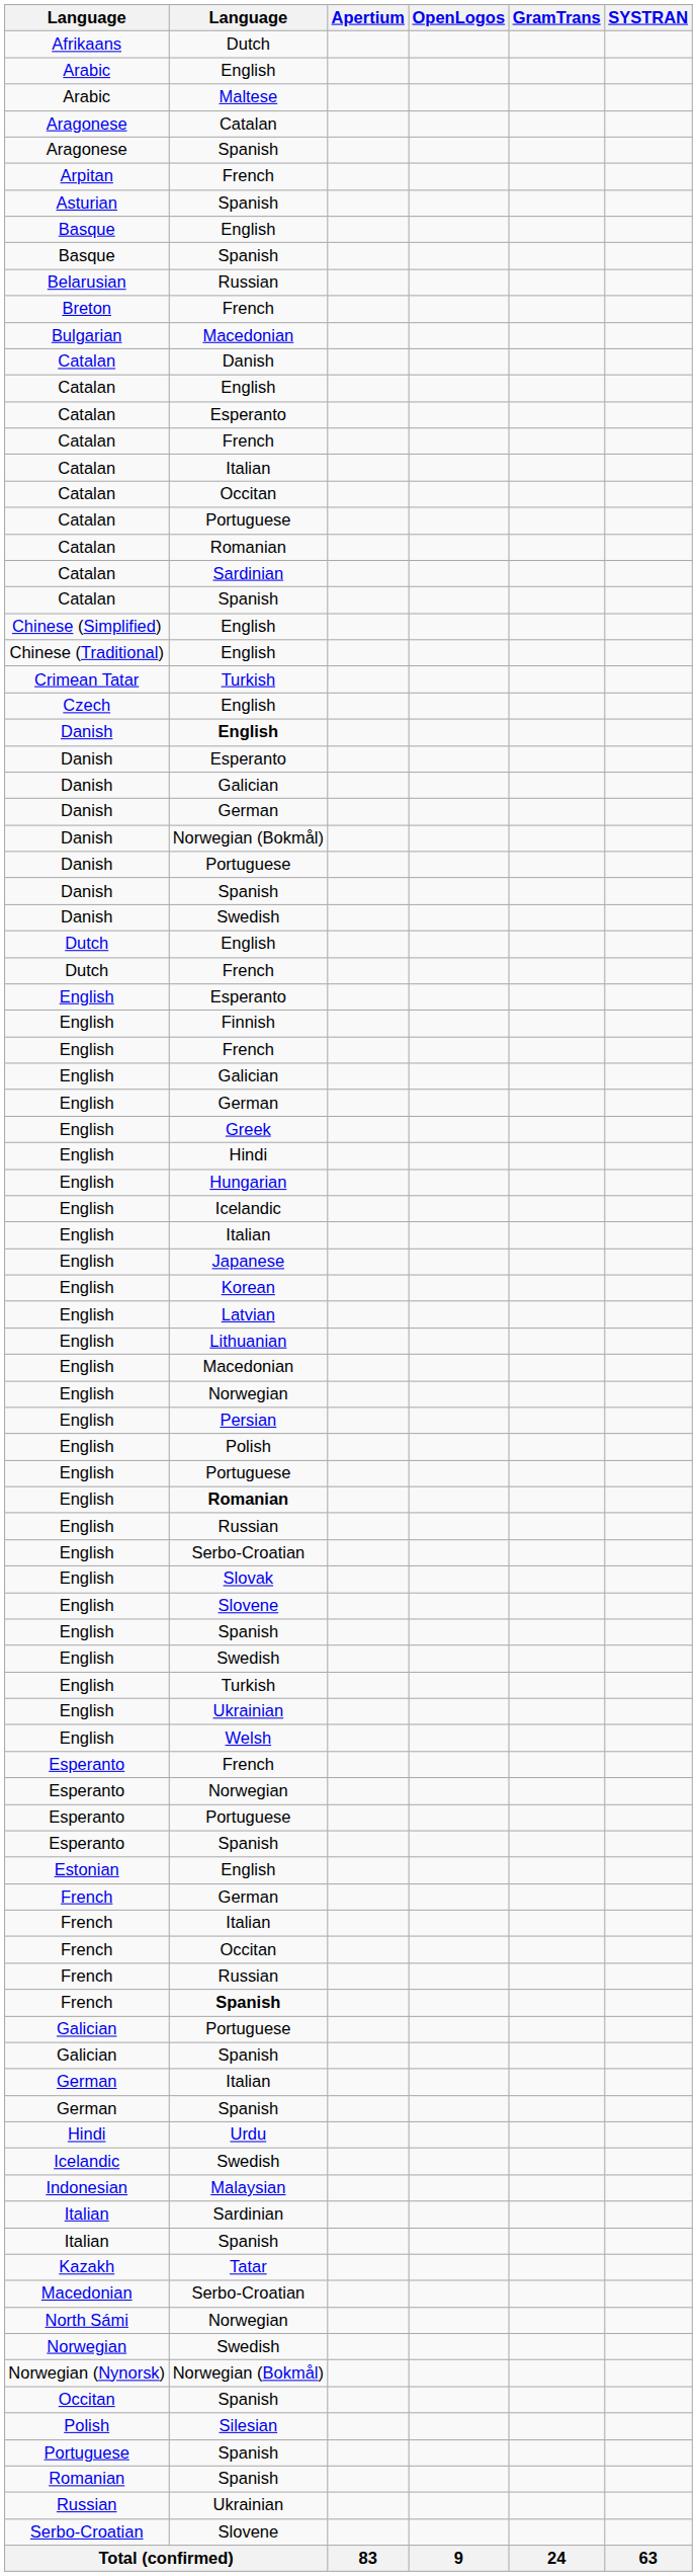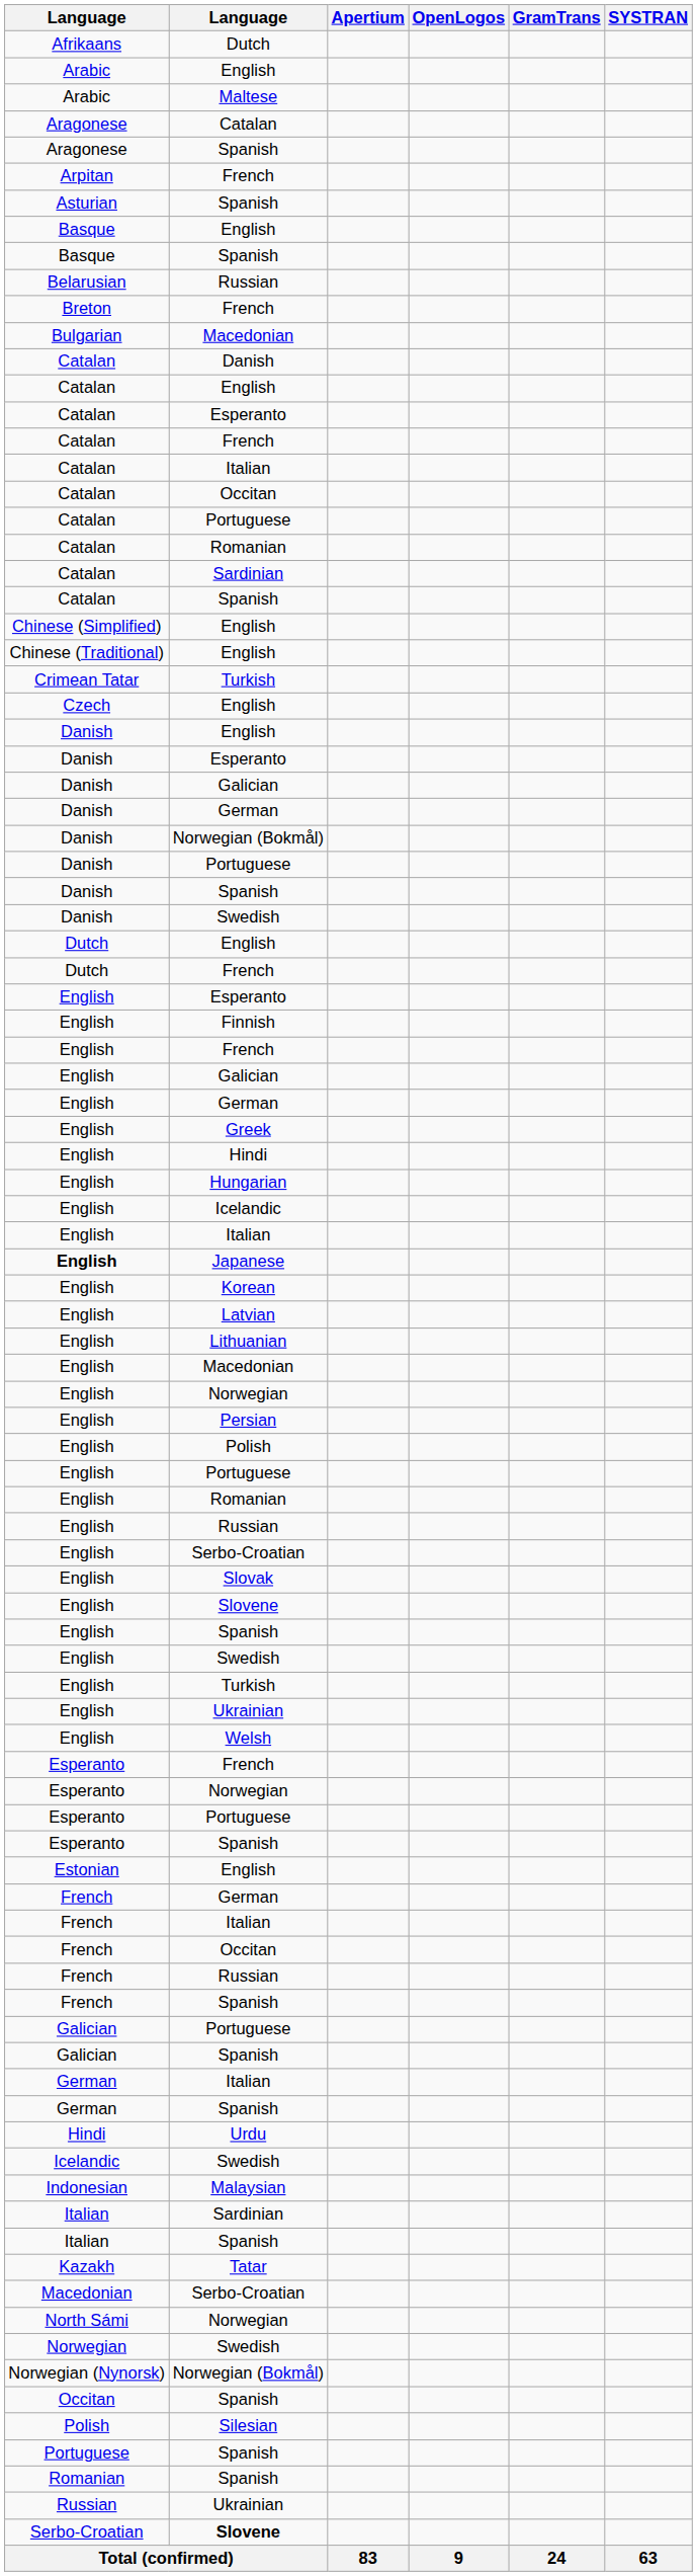 <table class="wikitable sortable" style="text-align: center; width: auto; table-layout: fixed;">
 <tr>
 <th>Language</th>
 <th>Language</th>
 <th><a href='#'>Apertium</a></th>
 <th><a href='#'>OpenLogos</a></th>
 <th><a href='#'>GramTrans</a></th>
 <th><a href='#'>SYSTRAN</a></th>
 </tr>
 <tr>
 <td><a href='#'>Afrikaans</a></td>
 <td>Dutch</td>
 <td></td>
 <td></td>
 <td></td>
 <td></td>
 </tr>
 <tr>
 <td><a href='#'>Arabic</a></td>
 <td>English</td>
 <td></td>
 <td></td>
 <td></td>
 <td></td>
 </tr>
 <tr>
 <td>Arabic</td>
 <td><a href='#'>Maltese</a></td>
 <td></td>
 <td></td>
 <td></td>
 <td></td>
 </tr>
 <tr>
 <td><a href='#'>Aragonese</a></td>
 <td>Catalan</td>
 <td></td>
 <td></td>
 <td></td>
 <td></td>
 </tr>
 <tr>
 <td>Aragonese</td>
 <td>Spanish</td>
 <td></td>
 <td></td>
 <td></td>
 <td></td>
 </tr>
 <tr>
 <td><a href='#'>Arpitan</a></td>
 <td>French</td>
 <td></td>
 <td></td>
 <td></td>
 <td></td>
 </tr>
 <tr>
 <td><a href='#'>Asturian</a></td>
 <td>Spanish</td>
 <td></td>
 <td></td>
 <td></td>
 <td></td>
 </tr>
 <tr>
 <td><a href='#'>Basque</a></td>
 <td>English</td>
 <td></td>
 <td></td>
 <td></td>
 <td></td>
 </tr>
 <tr>
 <td>Basque</td>
 <td>Spanish</td>
 <td></td>
 <td></td>
 <td></td>
 <td></td>
 </tr>
 <tr>
 <td><a href='#'>Belarusian</a></td>
 <td>Russian</td>
 <td></td>
 <td></td>
 <td></td>
 <td></td>
 </tr>
 <tr>
 <td><a href='#'>Breton</a></td>
 <td>French</td>
 <td></td>
 <td></td>
 <td></td>
 <td></td>
 </tr>
 <tr>
 <td><a href='#'>Bulgarian</a></td>
 <td><a href='#'>Macedonian</a></td>
 <td></td>
 <td></td>
 <td></td>
 <td></td>
 </tr>
 <tr>
 <td><a href='#'>Catalan</a></td>
 <td>Danish</td>
 <td></td>
 <td></td>
 <td></td>
 <td></td>
 </tr>
 <tr>
 <td>Catalan</td>
 <td>English</td>
 <td></td>
 <td></td>
 <td></td>
 <td></td>
 </tr>
 <tr>
 <td>Catalan</td>
 <td>Esperanto</td>
 <td></td>
 <td></td>
 <td></td>
 <td></td>
 </tr>
 <tr>
 <td>Catalan</td>
 <td>French</td>
 <td></td>
 <td></td>
 <td></td>
 <td></td>
 </tr>
 <tr>
 <td>Catalan</td>
 <td>Italian</td>
 <td></td>
 <td></td>
 <td></td>
 <td></td>
 </tr>
 <tr>
 <td>Catalan</td>
 <td>Occitan</td>
 <td></td>
 <td></td>
 <td></td>
 <td></td>
 </tr>
 <tr>
 <td>Catalan</td>
 <td>Portuguese</td>
 <td></td>
 <td></td>
 <td></td>
 <td></td>
 </tr>
 <tr>
 <td>Catalan</td>
 <td>Romanian</td>
 <td></td>
 <td></td>
 <td></td>
 <td></td>
 </tr>
 <tr>
 <td>Catalan</td>
 <td><a href='#'>Sardinian</a></td>
 <td></td>
 <td></td>
 <td></td>
 <td></td>
 </tr>
 <tr>
 <td>Catalan</td>
 <td>Spanish</td>
 <td></td>
 <td></td>
 <td></td>
 <td></td>
 </tr>
 <tr>
 <td><a href='#'>Chinese</a> (<a href='#'>Simplified</a>)</td>
 <td>English</td>
 <td></td>
 <td></td>
 <td></td>
 <td></td>
 </tr>
 <tr>
 <td>Chinese (<a href='#'>Traditional</a>)</td>
 <td>English</td>
 <td></td>
 <td></td>
 <td></td>
 <td></td>
 </tr>
 <tr>
 <td><a href='#'>Crimean Tatar</a></td>
 <td><a href='#'>Turkish</a></td>
 <td></td>
 <td></td>
 <td></td>
 <td></td>
 </tr>
 <tr>
 <td><a href='#'>Czech</a></td>
 <td>English</td>
 <td></td>
 <td></td>
 <td></td>
 <td></td>
 </tr>
 <tr>
 <td><a href='#'>Danish</a></td>
-<td><strong>English</strong></td>
+<td>English</td>
 <td></td>
 <td></td>
 <td></td>
 <td></td>
 </tr>
 <tr>
 <td>Danish</td>
 <td>Esperanto</td>
 <td></td>
 <td></td>
 <td></td>
 <td></td>
 </tr>
 <tr>
 <td>Danish</td>
 <td>Galician</td>
 <td></td>
 <td></td>
 <td></td>
 <td></td>
 </tr>
 <tr>
 <td>Danish</td>
 <td>German</td>
 <td></td>
 <td></td>
 <td></td>
 <td></td>
 </tr>
 <tr>
 <td>Danish</td>
 <td>Norwegian (Bokmål)</td>
 <td></td>
 <td></td>
 <td></td>
 <td></td>
 </tr>
 <tr>
 <td>Danish</td>
 <td>Portuguese</td>
 <td></td>
 <td></td>
 <td></td>
 <td></td>
 </tr>
 <tr>
 <td>Danish</td>
 <td>Spanish</td>
 <td></td>
 <td></td>
 <td></td>
 <td></td>
 </tr>
 <tr>
 <td>Danish</td>
 <td>Swedish</td>
 <td></td>
 <td></td>
 <td></td>
 <td></td>
 </tr>
 <tr>
 <td><a href='#'>Dutch</a></td>
 <td>English</td>
 <td></td>
 <td></td>
 <td></td>
 <td></td>
 </tr>
 <tr>
 <td>Dutch</td>
 <td>French</td>
 <td></td>
 <td></td>
 <td></td>
 <td></td>
 </tr>
 <tr>
 <td><a href='#'>English</a></td>
 <td>Esperanto</td>
 <td></td>
 <td></td>
 <td></td>
 <td></td>
 </tr>
 <tr>
 <td>English</td>
 <td>Finnish</td>
 <td></td>
 <td></td>
 <td></td>
 <td></td>
 </tr>
 <tr>
 <td>English</td>
 <td>French</td>
 <td></td>
 <td></td>
 <td></td>
 <td></td>
 </tr>
 <tr>
 <td>English</td>
 <td>Galician</td>
 <td></td>
 <td></td>
 <td></td>
 <td></td>
 </tr>
 <tr>
 <td>English</td>
 <td>German</td>
 <td></td>
 <td></td>
 <td></td>
 <td></td>
 </tr>
 <tr>
 <td>English</td>
 <td><a href='#'>Greek</a></td>
 <td></td>
 <td></td>
 <td></td>
 <td></td>
 </tr>
 <tr>
 <td>English</td>
 <td>Hindi</td>
 <td></td>
 <td></td>
 <td></td>
 <td></td>
 </tr>
 <tr>
 <td>English</td>
 <td><a href='#'>Hungarian</a></td>
 <td></td>
 <td></td>
 <td></td>
 <td></td>
 </tr>
 <tr>
 <td>English</td>
 <td>Icelandic</td>
 <td></td>
 <td></td>
 <td></td>
 <td></td>
 </tr>
 <tr>
 <td>English</td>
 <td>Italian</td>
 <td></td>
 <td></td>
 <td></td>
 <td></td>
 </tr>
 <tr>
-<td>English</td>
+<td><strong>English</strong></td>
 <td><a href='#'>Japanese</a></td>
 <td></td>
 <td></td>
 <td></td>
 <td></td>
 </tr>
 <tr>
 <td>English</td>
 <td><a href='#'>Korean</a></td>
 <td></td>
 <td></td>
 <td></td>
 <td></td>
 </tr>
 <tr>
 <td>English</td>
 <td><a href='#'>Latvian</a></td>
 <td></td>
 <td></td>
 <td></td>
 <td></td>
 </tr>
 <tr>
 <td>English</td>
 <td><a href='#'>Lithuanian</a></td>
 <td></td>
 <td></td>
 <td></td>
 <td></td>
 </tr>
 <tr>
 <td>English</td>
 <td>Macedonian</td>
 <td></td>
 <td></td>
 <td></td>
 <td></td>
 </tr>
 <tr>
 <td>English</td>
 <td>Norwegian</td>
 <td></td>
 <td></td>
 <td></td>
 <td></td>
 </tr>
 <tr>
 <td>English</td>
 <td><a href='#'>Persian</a></td>
 <td></td>
 <td></td>
 <td></td>
 <td></td>
 </tr>
 <tr>
 <td>English</td>
 <td>Polish</td>
 <td></td>
 <td></td>
 <td></td>
 <td></td>
 </tr>
 <tr>
 <td>English</td>
 <td>Portuguese</td>
 <td></td>
 <td></td>
 <td></td>
 <td></td>
 </tr>
 <tr>
 <td>English</td>
-<td><strong>Romanian</strong></td>
+<td>Romanian</td>
 <td></td>
 <td></td>
 <td></td>
 <td></td>
 </tr>
 <tr>
 <td>English</td>
 <td>Russian</td>
 <td></td>
 <td></td>
 <td></td>
 <td></td>
 </tr>
 <tr>
 <td>English</td>
 <td>Serbo-Croatian</td>
 <td></td>
 <td></td>
 <td></td>
 <td></td>
 </tr>
 <tr>
 <td>English</td>
 <td><a href='#'>Slovak</a></td>
 <td></td>
 <td></td>
 <td></td>
 <td></td>
 </tr>
 <tr>
 <td>English</td>
 <td><a href='#'>Slovene</a></td>
 <td></td>
 <td></td>
 <td></td>
 <td></td>
 </tr>
 <tr>
 <td>English</td>
 <td>Spanish</td>
 <td></td>
 <td></td>
 <td></td>
 <td></td>
 </tr>
 <tr>
 <td>English</td>
 <td>Swedish</td>
 <td></td>
 <td></td>
 <td></td>
 <td></td>
 </tr>
 <tr>
 <td>English</td>
 <td>Turkish</td>
 <td></td>
 <td></td>
 <td></td>
 <td></td>
 </tr>
 <tr>
 <td>English</td>
 <td><a href='#'>Ukrainian</a></td>
 <td></td>
 <td></td>
 <td></td>
 <td></td>
 </tr>
 <tr>
 <td>English</td>
 <td><a href='#'>Welsh</a></td>
 <td></td>
 <td></td>
 <td></td>
 <td></td>
 </tr>
 <tr>
 <td><a href='#'>Esperanto</a></td>
 <td>French</td>
 <td></td>
 <td></td>
 <td></td>
 <td></td>
 </tr>
 <tr>
 <td>Esperanto</td>
 <td>Norwegian</td>
 <td></td>
 <td></td>
 <td></td>
 <td></td>
 </tr>
 <tr>
 <td>Esperanto</td>
 <td>Portuguese</td>
 <td></td>
 <td></td>
 <td></td>
 <td></td>
 </tr>
 <tr>
 <td>Esperanto</td>
 <td>Spanish</td>
 <td></td>
 <td></td>
 <td></td>
 <td></td>
 </tr>
 <tr>
 <td><a href='#'>Estonian</a></td>
 <td>English</td>
 <td></td>
 <td></td>
 <td></td>
 <td></td>
 </tr>
 <tr>
 <td><a href='#'>French</a></td>
 <td>German</td>
 <td></td>
 <td></td>
 <td></td>
 <td></td>
 </tr>
 <tr>
 <td>French</td>
 <td>Italian</td>
 <td></td>
 <td></td>
 <td></td>
 <td></td>
 </tr>
 <tr>
 <td>French</td>
 <td>Occitan</td>
 <td></td>
 <td></td>
 <td></td>
 <td></td>
 </tr>
 <tr>
 <td>French</td>
 <td>Russian</td>
 <td></td>
 <td></td>
 <td></td>
 <td></td>
 </tr>
 <tr>
 <td>French</td>
-<td><strong>Spanish</strong></td>
+<td>Spanish</td>
 <td></td>
 <td></td>
 <td></td>
 <td></td>
 </tr>
 <tr>
 <td><a href='#'>Galician</a></td>
 <td>Portuguese</td>
 <td></td>
 <td></td>
 <td></td>
 <td></td>
 </tr>
 <tr>
 <td>Galician</td>
 <td>Spanish</td>
 <td></td>
 <td></td>
 <td></td>
 <td></td>
 </tr>
 <tr>
 <td><a href='#'>German</a></td>
 <td>Italian</td>
 <td></td>
 <td></td>
 <td></td>
 <td></td>
 </tr>
 <tr>
 <td>German</td>
 <td>Spanish</td>
 <td></td>
 <td></td>
 <td></td>
 <td></td>
 </tr>
 <tr>
 <td><a href='#'>Hindi</a></td>
 <td><a href='#'>Urdu</a></td>
 <td></td>
 <td></td>
 <td></td>
 <td></td>
 </tr>
 <tr>
 <td><a href='#'>Icelandic</a></td>
 <td>Swedish</td>
 <td></td>
 <td></td>
 <td></td>
 <td></td>
 </tr>
 <tr>
 <td><a href='#'>Indonesian</a></td>
 <td><a href='#'>Malaysian</a></td>
 <td></td>
 <td></td>
 <td></td>
 <td></td>
 </tr>
 <tr>
 <td><a href='#'>Italian</a></td>
 <td>Sardinian</td>
 <td></td>
 <td></td>
 <td></td>
 <td></td>
 </tr>
 <tr>
 <td>Italian</td>
 <td>Spanish</td>
 <td></td>
 <td></td>
 <td></td>
 <td></td>
 </tr>
 <tr>
 <td><a href='#'>Kazakh</a></td>
 <td><a href='#'>Tatar</a></td>
 <td></td>
 <td></td>
 <td></td>
 <td></td>
 </tr>
 <tr>
 <td><a href='#'>Macedonian</a></td>
 <td>Serbo-Croatian</td>
 <td></td>
 <td></td>
 <td></td>
 <td></td>
 </tr>
 <tr>
 <td><a href='#'>North Sámi</a></td>
 <td>Norwegian</td>
 <td></td>
 <td></td>
 <td></td>
 <td></td>
 </tr>
 <tr>
 <td><a href='#'>Norwegian</a></td>
 <td>Swedish</td>
 <td></td>
 <td></td>
 <td></td>
 <td></td>
 </tr>
 <tr>
 <td>Norwegian (<a href='#'>Nynorsk</a>)</td>
 <td>Norwegian (<a href='#'>Bokmål</a>)</td>
 <td></td>
 <td></td>
 <td></td>
 <td></td>
 </tr>
 <tr>
 <td><a href='#'>Occitan</a></td>
 <td>Spanish</td>
 <td></td>
 <td></td>
 <td></td>
 <td></td>
 </tr>
 <tr>
 <td><a href='#'>Polish</a></td>
 <td><a href='#'>Silesian</a></td>
 <td></td>
 <td></td>
 <td></td>
 <td></td>
 </tr>
 <tr>
 <td><a href='#'>Portuguese</a></td>
 <td>Spanish</td>
 <td></td>
 <td></td>
 <td></td>
 <td></td>
 </tr>
 <tr>
 <td><a href='#'>Romanian</a></td>
 <td>Spanish</td>
 <td></td>
 <td></td>
 <td></td>
 <td></td>
 </tr>
 <tr>
 <td><a href='#'>Russian</a></td>
 <td>Ukrainian</td>
 <td></td>
 <td></td>
 <td></td>
 <td></td>
 </tr>
 <tr>
 <td><a href='#'>Serbo-Croatian</a></td>
-<td>Slovene</td>
+<td><strong>Slovene</strong></td>
 <td></td>
 <td></td>
 <td></td>
 <td></td>
 </tr>
 <tr>
 <th colspan=2>Total (confirmed)</th>
 <th>83</th>
 <th>9</th>
 <th>24</th>
 <th>63</th>
 </tr>
 </table>
